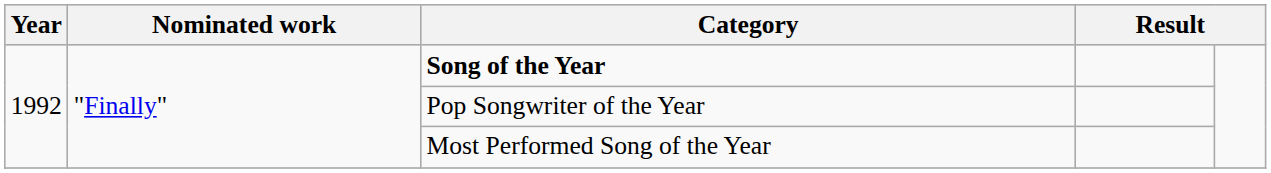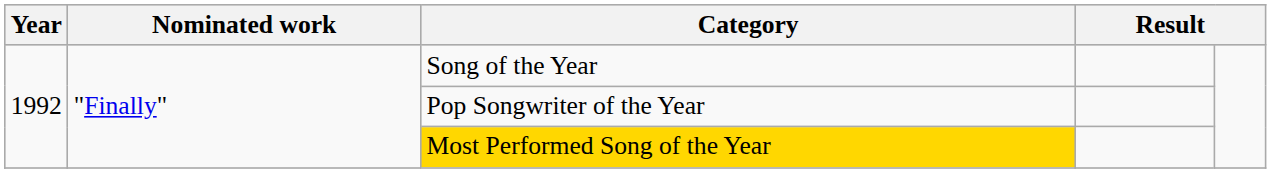 <table class=wikitable>
 <tr>
 <th width=5%>Year</th>
 <th width=28%>Nominated work</th>
 <th width=52%>Category</th>
 <th width=15% colspan=2>Result</th>
 </tr>
 <tr>
 <td rowspan=3>1992</td>
 <td rowspan=3>"<a href='#'>Finally</a>"</td>
-<td><strong>Song of the Year</strong></td>
+<td>Song of the Year</td>
 <td></td>
 <td width=4% align=center rowspan=3></td>
 </tr>
 <tr>
 <td>Pop Songwriter of the Year</td>
 <td></td>
 </tr>
 <tr>
-<td>Most Performed Song of the Year</td>
+<td style="background: gold;">Most Performed Song of the Year</td>
 <td></td>
 </tr>
 </table>
